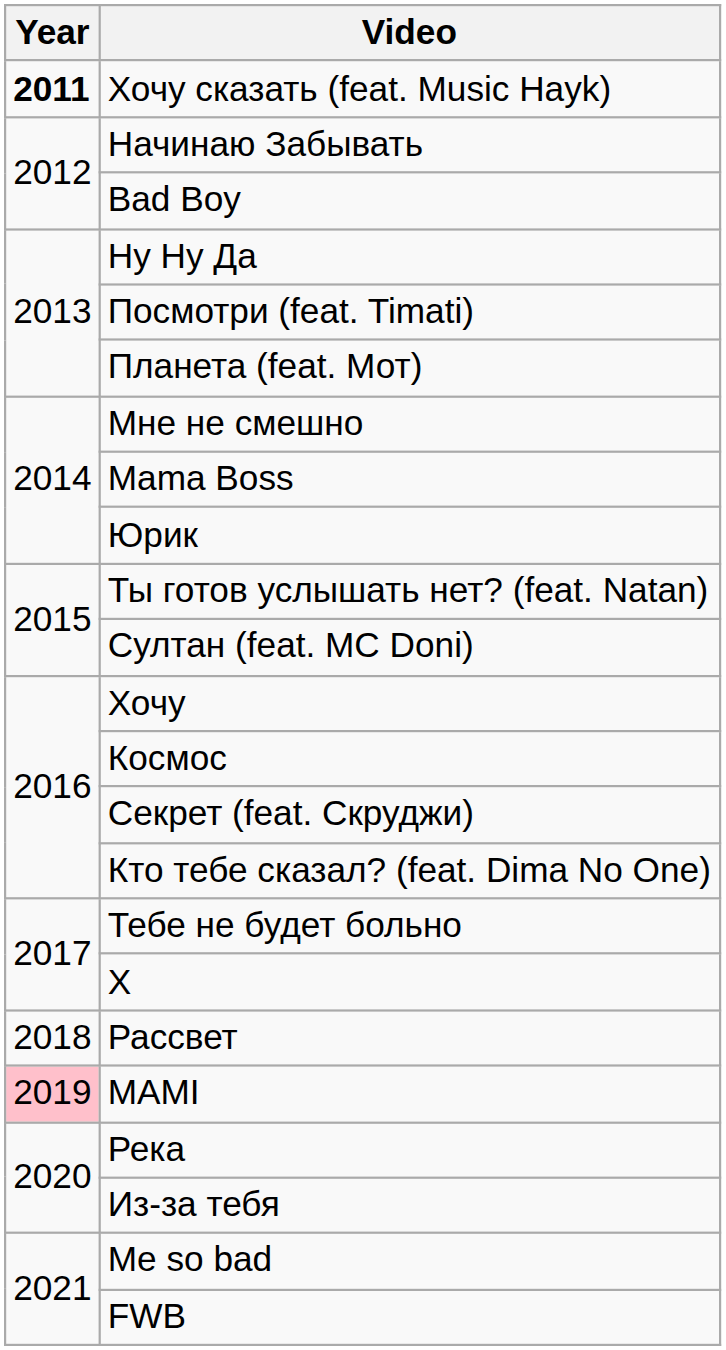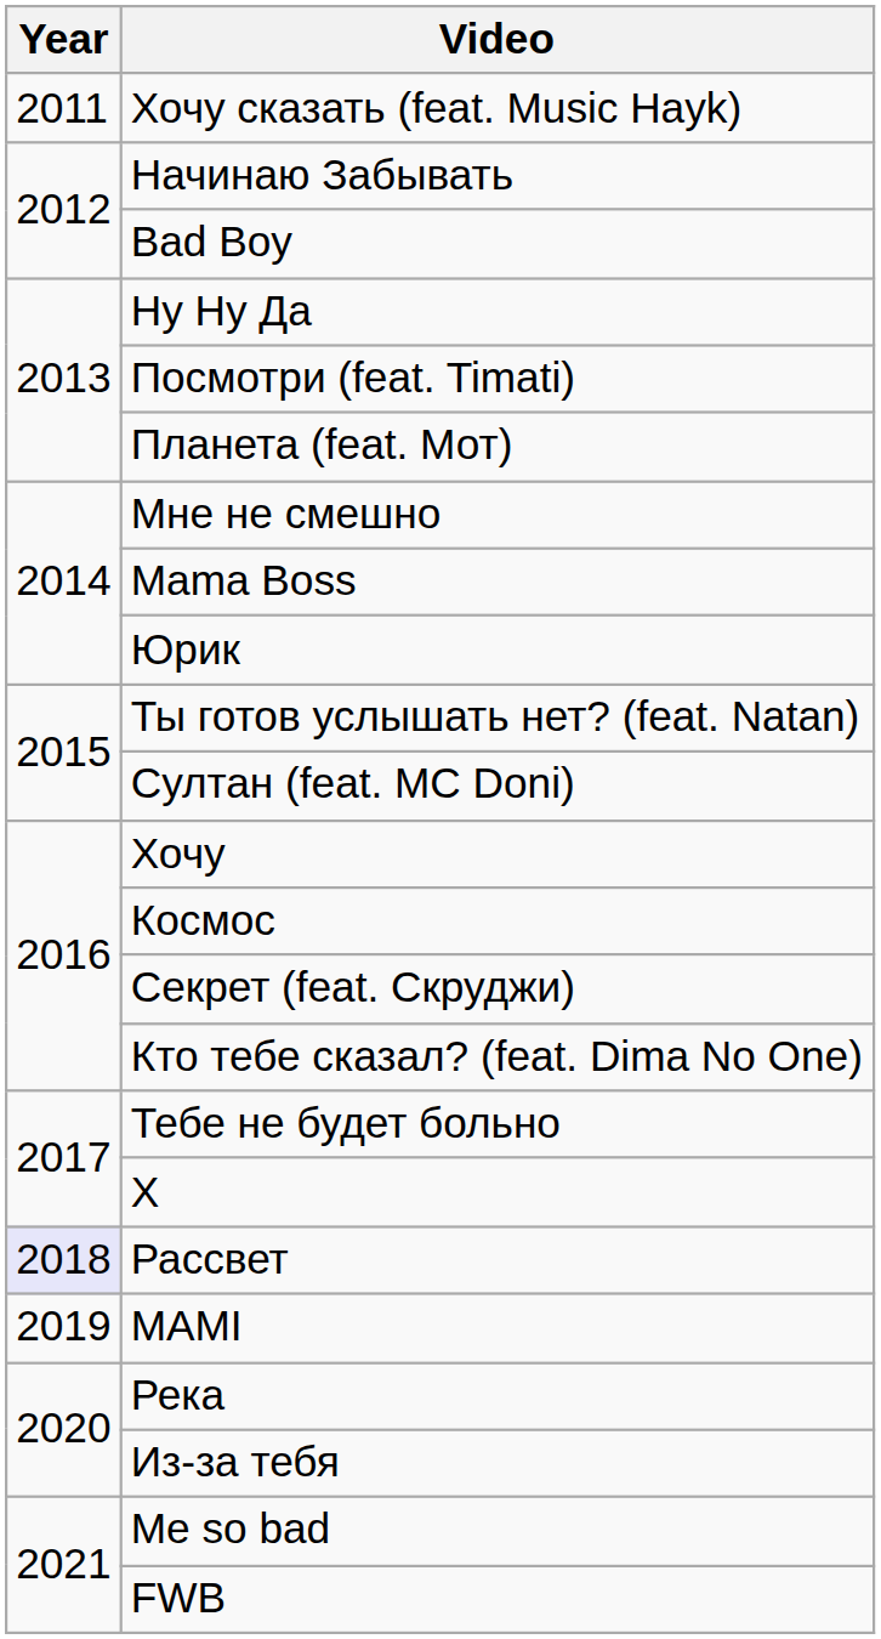 <table class="wikitable">
 <tr>
 <th>Year</th>
 <th>Video</th>
 </tr>
 <tr>
-<td><strong>2011</strong></td>
+<td>2011</td>
 <td>Хочу сказать (feat. Music Hayk)</td>
 </tr>
 <tr>
 <td rowspan="2">2012</td>
 <td>Начинаю Забывать</td>
 </tr>
 <tr>
 <td>Bad Boy</td>
 </tr>
 <tr>
 <td rowspan="3">2013</td>
 <td>Ну Ну Да</td>
 </tr>
 <tr>
 <td>Посмотри (feat. Timati)</td>
 </tr>
 <tr>
 <td>Планета (feat. Мот)</td>
 </tr>
 <tr>
 <td rowspan="3">2014</td>
 <td>Мне не смешно</td>
 </tr>
 <tr>
 <td>Mama Boss</td>
 </tr>
 <tr>
 <td>Юрик</td>
 </tr>
 <tr>
 <td rowspan="2">2015</td>
 <td>Ты готов услышать нет? (feat. Natan)</td>
 </tr>
 <tr>
 <td>Султан (feat. MC Doni)</td>
 </tr>
 <tr>
 <td rowspan="4">2016</td>
 <td>Хочу</td>
 </tr>
 <tr>
 <td>Космос</td>
 </tr>
 <tr>
 <td>Секрет (feat. Скруджи)</td>
 </tr>
 <tr>
 <td>Кто тебе сказал? (feat. Dima No One)</td>
 </tr>
 <tr>
 <td rowspan="2">2017</td>
 <td>Тебе не будет больно</td>
 </tr>
 <tr>
 <td>Х</td>
 </tr>
 <tr>
-<td>2018</td>
+<td style="background: lavender;">2018</td>
 <td>Рассвет</td>
 </tr>
 <tr>
-<td style="background: pink;">2019</td>
+<td>2019</td>
 <td>MAMI</td>
 </tr>
 <tr>
 <td rowspan="2">2020</td>
 <td>Река</td>
 </tr>
 <tr>
 <td>Из-за тебя</td>
 </tr>
 <tr>
 <td rowspan="2">2021</td>
 <td>Me so bad</td>
 </tr>
 <tr>
 <td>FWB</td>
 </tr>
 </table>
